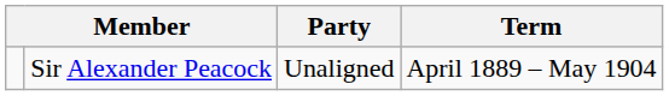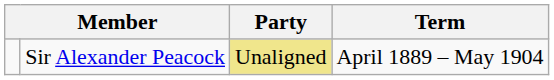 <table class="wikitable">
 <tr>
 <th colspan="2">Member</th>
 <th>Party</th>
 <th>Term</th>
 </tr>
 <tr>
 <td> </td>
 <td>Sir <a href='#'>Alexander Peacock</a></td>
-<td>Unaligned</td>
+<td style="background: khaki;">Unaligned</td>
 <td>April 1889 – May 1904</td>
 </tr>
 </table>
